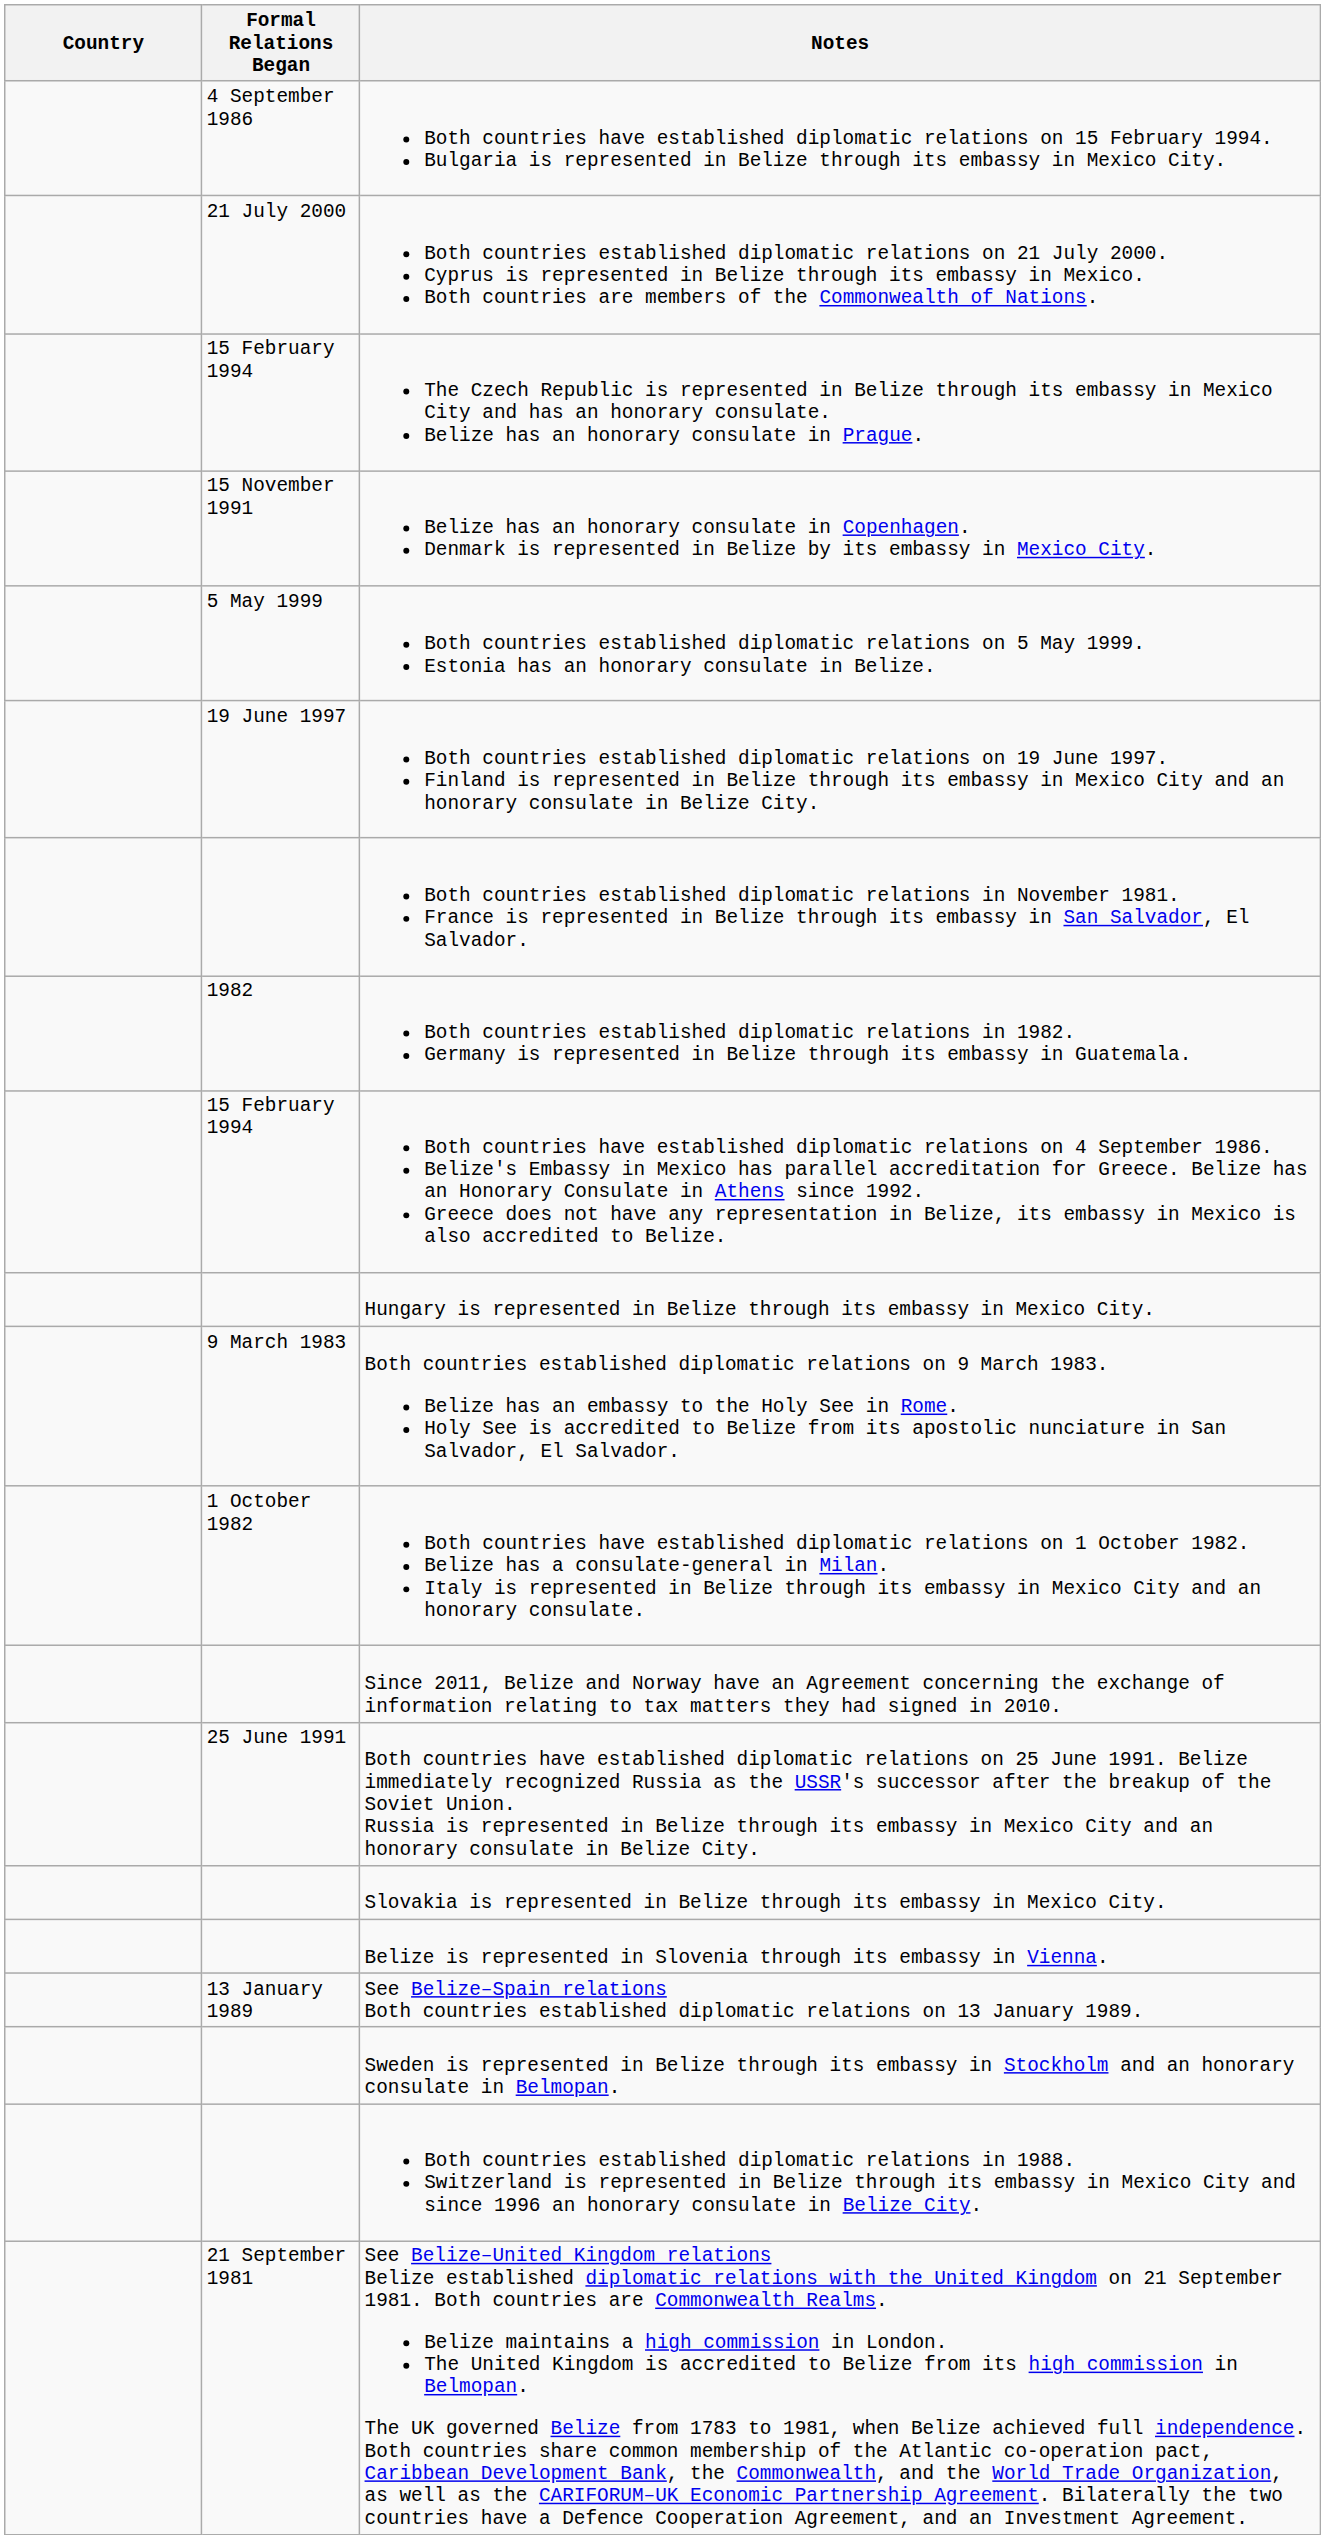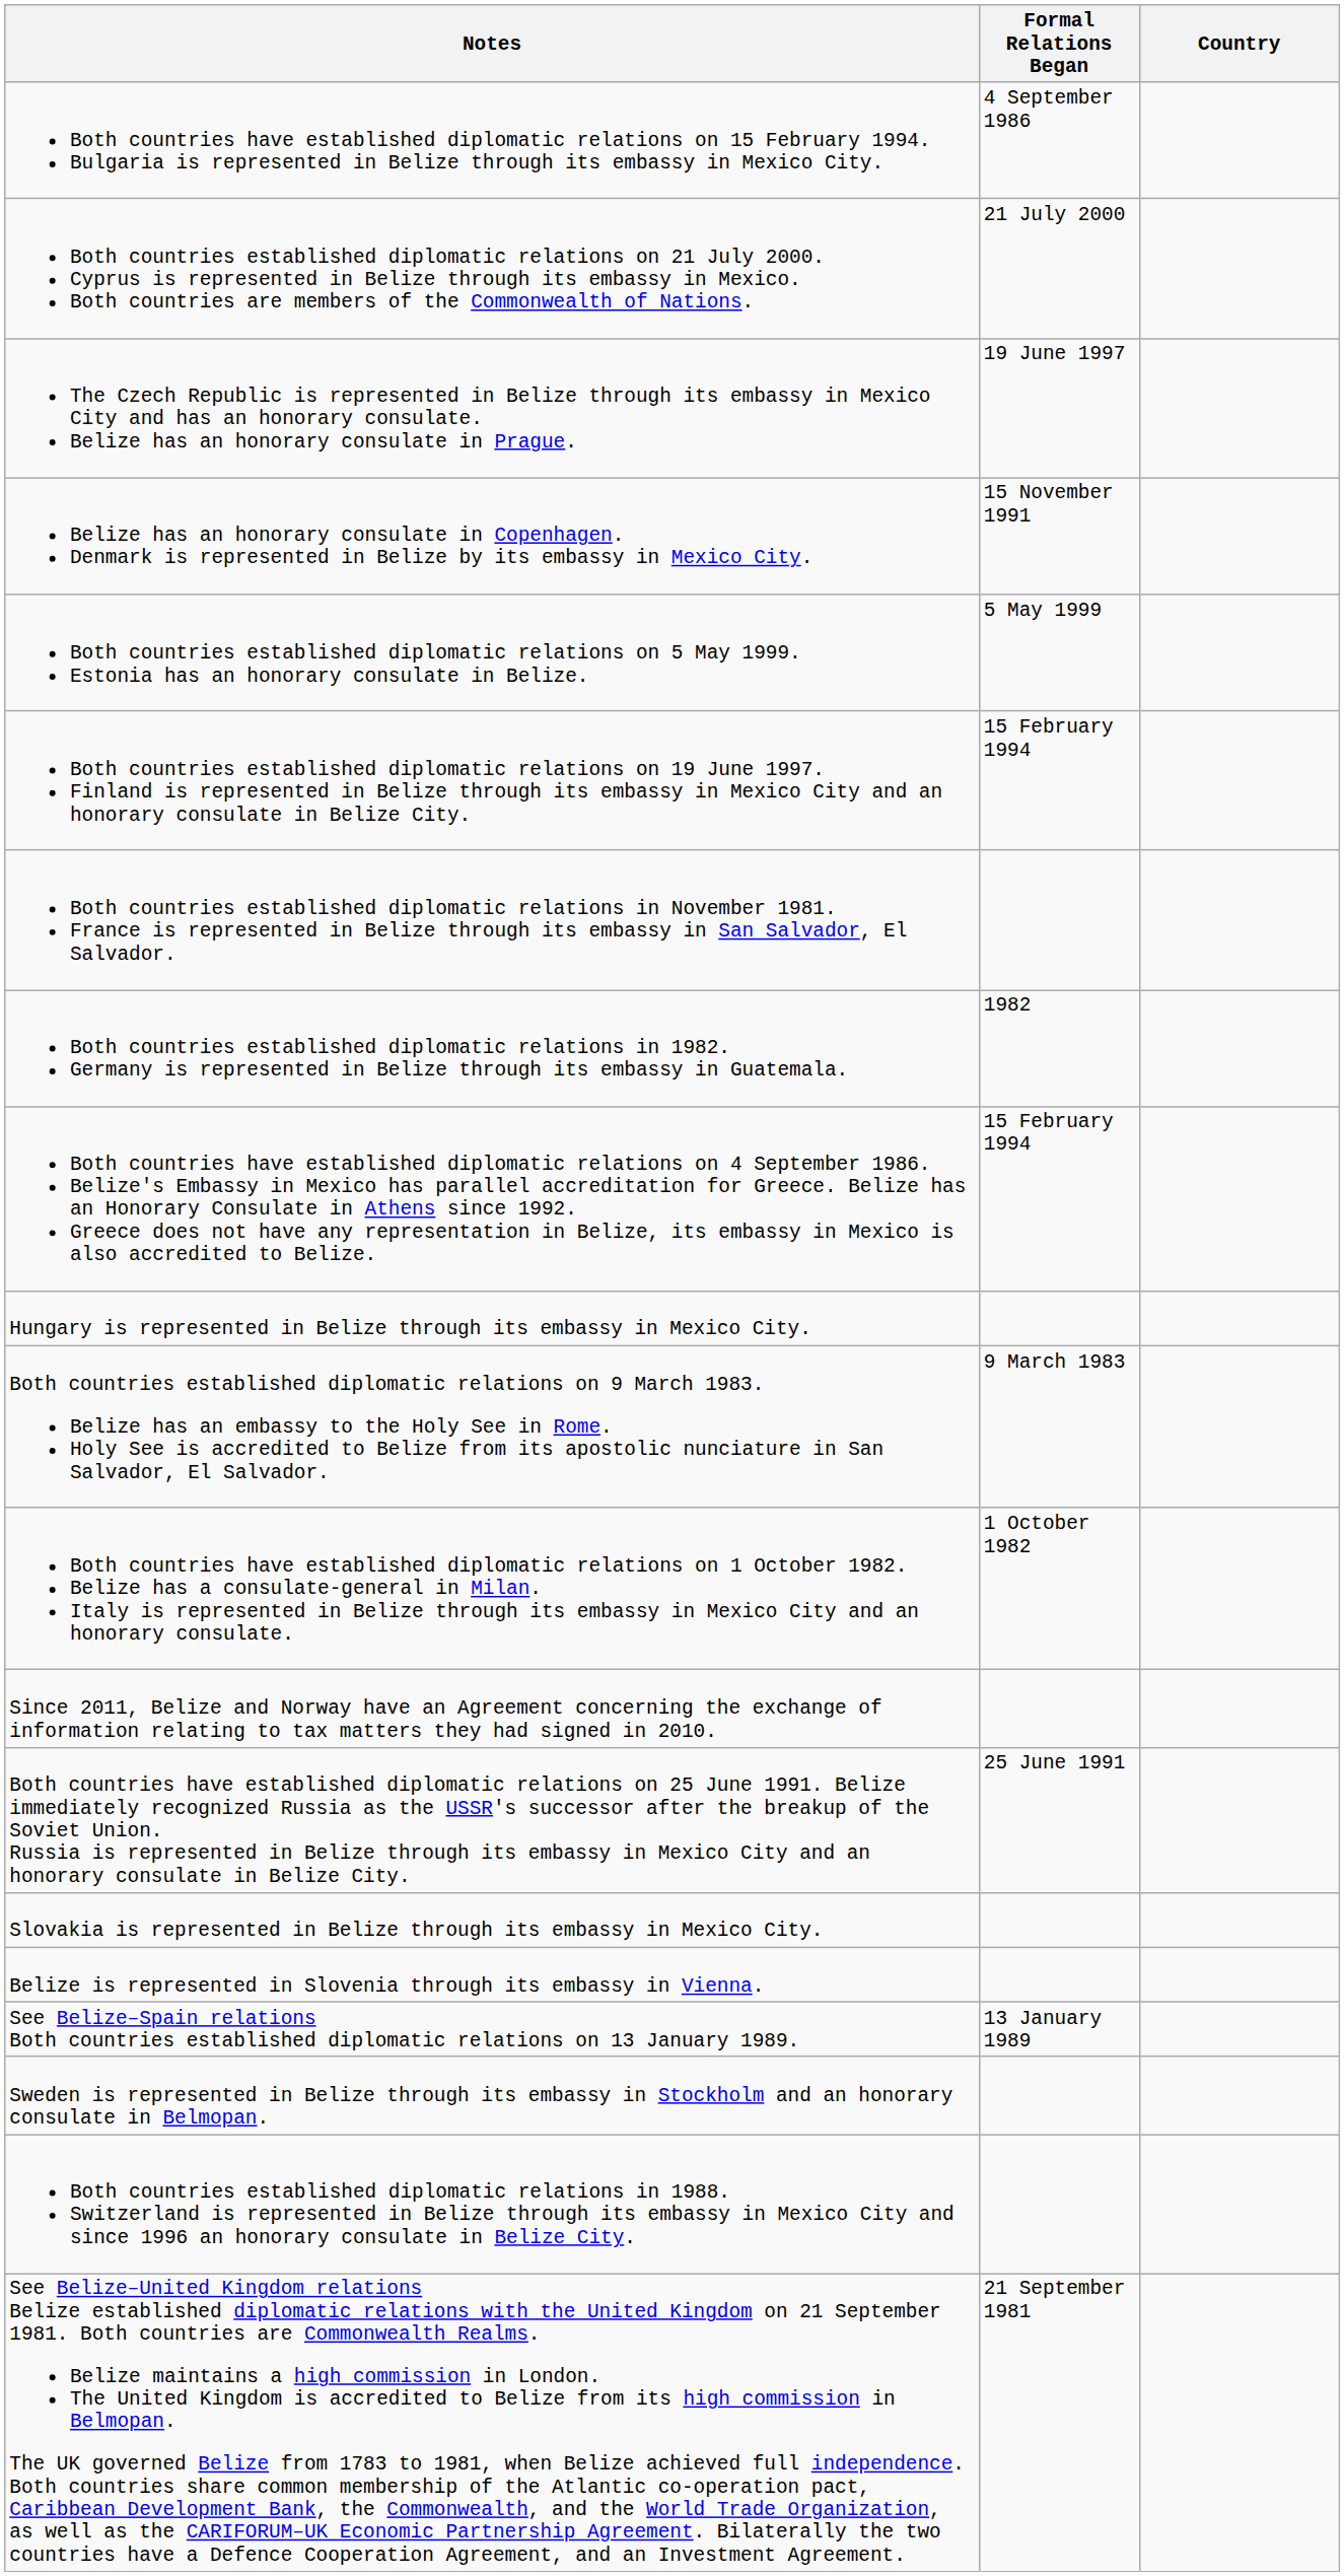 <table class="wikitable sortable" style="width:100%; margin:auto;">
 <tr>
+<th>Notes</th>
+<th style="width:12%;">Formal Relations Began</th>
 <th style="width:15%;">Country</th>
-<th style="width:12%;">Formal Relations Began</th>
-<th>Notes</th>
 </tr>
 <tr valign="top">
+<td><br><ul><li>Both countries have established diplomatic relations on 15 February 1994.</li><li>Bulgaria is represented in Belize through its embassy in Mexico City.</li></ul></td>
+<td>4 September 1986</td>
 <td></td>
-<td>4 September 1986</td>
-<td><br><ul><li>Both countries have established diplomatic relations on 15 February 1994.</li><li>Bulgaria is represented in Belize through its embassy in Mexico City.</li></ul></td>
 </tr>
 <tr valign="top">
+<td><br><ul><li>Both countries established diplomatic relations on 21 July 2000.</li><li>Cyprus is represented in Belize through its embassy in Mexico.</li><li>Both countries are members of the <a href='#'>Commonwealth of Nations</a>.</li></ul></td>
+<td>21 July 2000</td>
 <td></td>
-<td>21 July 2000</td>
-<td><br><ul><li>Both countries established diplomatic relations on 21 July 2000.</li><li>Cyprus is represented in Belize through its embassy in Mexico.</li><li>Both countries are members of the <a href='#'>Commonwealth of Nations</a>.</li></ul></td>
 </tr>
 <tr valign="top">
+<td><br><ul><li>The Czech Republic is represented in Belize through its embassy in Mexico City and has an honorary consulate.</li><li>Belize has an honorary consulate in <a href='#'>Prague</a>.</li></ul></td>
+<td>19 June 1997</td>
 <td></td>
-<td>15 February 1994</td>
-<td><br><ul><li>The Czech Republic is represented in Belize through its embassy in Mexico City and has an honorary consulate.</li><li>Belize has an honorary consulate in <a href='#'>Prague</a>.</li></ul></td>
 </tr>
 <tr valign="top">
+<td><br><ul><li>Belize has an honorary consulate in <a href='#'>Copenhagen</a>.</li><li>Denmark is represented in Belize by its embassy in <a href='#'>Mexico City</a>.</li></ul></td>
+<td>15 November 1991</td>
 <td></td>
-<td>15 November 1991</td>
-<td><br><ul><li>Belize has an honorary consulate in <a href='#'>Copenhagen</a>.</li><li>Denmark is represented in Belize by its embassy in <a href='#'>Mexico City</a>.</li></ul></td>
 </tr>
 <tr valign="top">
+<td><br><ul><li>Both countries established diplomatic relations on 5 May 1999.</li><li>Estonia has an honorary consulate in Belize.</li></ul></td>
+<td>5 May 1999</td>
 <td></td>
-<td>5 May 1999</td>
-<td><br><ul><li>Both countries established diplomatic relations on 5 May 1999.</li><li>Estonia has an honorary consulate in Belize.</li></ul></td>
 </tr>
 <tr valign="top">
+<td><br><ul><li>Both countries established diplomatic relations on 19 June 1997.</li><li>Finland is represented in Belize through its embassy in Mexico City and an honorary consulate in Belize City.</li></ul></td>
+<td>15 February 1994</td>
 <td></td>
-<td>19 June 1997</td>
-<td><br><ul><li>Both countries established diplomatic relations on 19 June 1997.</li><li>Finland is represented in Belize through its embassy in Mexico City and an honorary consulate in Belize City.</li></ul></td>
 </tr>
 <tr valign="top">
+<td><br><ul><li>Both countries established diplomatic relations in November 1981.</li><li>France is represented in Belize through its embassy in <a href='#'>San Salvador</a>, El Salvador.</li></ul></td>
 <td></td>
 <td></td>
-<td><br><ul><li>Both countries established diplomatic relations in November 1981.</li><li>France is represented in Belize through its embassy in <a href='#'>San Salvador</a>, El Salvador.</li></ul></td>
 </tr>
 <tr valign="top">
+<td><br><ul><li>Both countries established diplomatic relations in 1982.</li><li>Germany is represented in Belize through its embassy in Guatemala.</li></ul></td>
+<td>1982</td>
 <td></td>
-<td>1982</td>
-<td><br><ul><li>Both countries established diplomatic relations in 1982.</li><li>Germany is represented in Belize through its embassy in Guatemala.</li></ul></td>
 </tr>
 <tr valign="top">
+<td><br><ul><li>Both countries have established diplomatic relations on 4 September 1986.</li><li>Belize's Embassy in Mexico has parallel accreditation for Greece. Belize has an Honorary Consulate in <a href='#'>Athens</a> since 1992.</li><li>Greece does not have any representation in Belize, its embassy in Mexico is also accredited to Belize.</li></ul></td>
+<td>15 February 1994</td>
 <td></td>
-<td>15 February 1994</td>
-<td><br><ul><li>Both countries have established diplomatic relations on 4 September 1986.</li><li>Belize's Embassy in Mexico has parallel accreditation for Greece. Belize has an Honorary Consulate in <a href='#'>Athens</a> since 1992.</li><li>Greece does not have any representation in Belize, its embassy in Mexico is also accredited to Belize.</li></ul></td>
 </tr>
 <tr valign="top">
+<td><br>Hungary is represented in Belize through its embassy in Mexico City.</td>
 <td></td>
 <td></td>
-<td><br>Hungary is represented in Belize through its embassy in Mexico City.</td>
 </tr>
 <tr valign="top">
+<td><br>Both countries established diplomatic relations on 9 March 1983.<ul><li>Belize has an embassy to the Holy See in <a href='#'>Rome</a>.</li><li>Holy See is accredited to Belize from its apostolic nunciature in San Salvador, El Salvador.</li></ul></td>
+<td>9 March 1983</td>
 <td></td>
-<td>9 March 1983</td>
-<td><br>Both countries established diplomatic relations on 9 March 1983.<ul><li>Belize has an embassy to the Holy See in <a href='#'>Rome</a>.</li><li>Holy See is accredited to Belize from its apostolic nunciature in San Salvador, El Salvador.</li></ul></td>
 </tr>
 <tr valign="top">
+<td><br><ul><li>Both countries have established diplomatic relations on 1 October 1982.</li><li>Belize has a consulate-general in <a href='#'>Milan</a>.</li><li>Italy is represented in Belize through its embassy in Mexico City and an honorary consulate.</li></ul></td>
+<td>1 October 1982</td>
 <td></td>
-<td>1 October 1982</td>
-<td><br><ul><li>Both countries have established diplomatic relations on 1 October 1982.</li><li>Belize has a consulate-general in <a href='#'>Milan</a>.</li><li>Italy is represented in Belize through its embassy in Mexico City and an honorary consulate.</li></ul></td>
 </tr>
 <tr valign="top">
+<td><br>Since 2011, Belize and Norway have an Agreement concerning the exchange of information relating to tax matters they had signed in 2010.</td>
 <td></td>
 <td></td>
-<td><br>Since 2011, Belize and Norway have an Agreement concerning the exchange of information relating to tax matters they had signed in 2010.</td>
 </tr>
 <tr valign="top">
+<td><br>Both countries have established diplomatic relations on 25 June 1991. Belize immediately recognized Russia as the <a href='#'>USSR</a>'s successor after the breakup of the Soviet Union.<br>Russia is represented in Belize through its embassy in Mexico City and an honorary consulate in Belize City.</td>
+<td>25 June 1991</td>
 <td></td>
-<td>25 June 1991</td>
-<td><br>Both countries have established diplomatic relations on 25 June 1991. Belize immediately recognized Russia as the <a href='#'>USSR</a>'s successor after the breakup of the Soviet Union.<br>Russia is represented in Belize through its embassy in Mexico City and an honorary consulate in Belize City.</td>
 </tr>
 <tr valign="top">
+<td><br>Slovakia is represented in Belize through its embassy in Mexico City.</td>
 <td></td>
 <td></td>
-<td><br>Slovakia is represented in Belize through its embassy in Mexico City.</td>
 </tr>
 <tr valign="top">
+<td><br>Belize is represented in Slovenia through its embassy in <a href='#'>Vienna</a>.</td>
 <td></td>
 <td></td>
-<td><br>Belize is represented in Slovenia through its embassy in <a href='#'>Vienna</a>.</td>
 </tr>
 <tr valign="top">
+<td>See <a href='#'>Belize–Spain relations</a><br>Both countries established diplomatic relations on 13 January 1989.</td>
+<td>13 January 1989</td>
 <td></td>
-<td>13 January 1989</td>
-<td>See <a href='#'>Belize–Spain relations</a><br>Both countries established diplomatic relations on 13 January 1989.</td>
 </tr>
 <tr valign="top">
+<td><br>Sweden is represented in Belize through its embassy in <a href='#'>Stockholm</a> and an honorary consulate in <a href='#'>Belmopan</a>.</td>
 <td></td>
 <td></td>
-<td><br>Sweden is represented in Belize through its embassy in <a href='#'>Stockholm</a> and an honorary consulate in <a href='#'>Belmopan</a>.</td>
 </tr>
 <tr valign="top">
+<td><br><ul><li>Both countries established diplomatic relations in 1988.</li><li>Switzerland is represented in Belize through its embassy in Mexico City and since 1996 an honorary consulate in <a href='#'>Belize City</a>.</li></ul></td>
 <td></td>
 <td></td>
-<td><br><ul><li>Both countries established diplomatic relations in 1988.</li><li>Switzerland is represented in Belize through its embassy in Mexico City and since 1996 an honorary consulate in <a href='#'>Belize City</a>.</li></ul></td>
 </tr>
 <tr valign="top">
+<td>See <a href='#'>Belize–United Kingdom relations</a><br>Belize established <a href='#'>diplomatic relations with the United Kingdom</a> on 21 September 1981. Both countries are <a href='#'>Commonwealth Realms</a>.<ul><li>Belize maintains a <a href='#'>high commission</a> in London.</li><li>The United Kingdom is accredited to Belize from its <a href='#'>high commission</a> in <a href='#'>Belmopan</a>.</li></ul>The UK governed <a href='#'>Belize</a> from 1783 to 1981, when Belize achieved full <a href='#'>independence</a>.<br>Both countries share common membership of the Atlantic co-operation pact, <a href='#'>Caribbean Development Bank</a>, the <a href='#'>Commonwealth</a>, and the <a href='#'>World Trade Organization</a>, as well as the <a href='#'>CARIFORUM–UK Economic Partnership Agreement</a>. Bilaterally the two countries have a Defence Cooperation Agreement,  and an Investment Agreement.</td>
+<td>21 September 1981</td>
 <td></td>
-<td>21 September 1981</td>
-<td>See <a href='#'>Belize–United Kingdom relations</a><br>Belize established <a href='#'>diplomatic relations with the United Kingdom</a> on 21 September 1981. Both countries are <a href='#'>Commonwealth Realms</a>.<ul><li>Belize maintains a <a href='#'>high commission</a> in London.</li><li>The United Kingdom is accredited to Belize from its <a href='#'>high commission</a> in <a href='#'>Belmopan</a>.</li></ul>The UK governed <a href='#'>Belize</a> from 1783 to 1981, when Belize achieved full <a href='#'>independence</a>.<br>Both countries share common membership of the Atlantic co-operation pact, <a href='#'>Caribbean Development Bank</a>, the <a href='#'>Commonwealth</a>, and the <a href='#'>World Trade Organization</a>, as well as the <a href='#'>CARIFORUM–UK Economic Partnership Agreement</a>. Bilaterally the two countries have a Defence Cooperation Agreement,  and an Investment Agreement.</td>
 </tr>
 </table>
